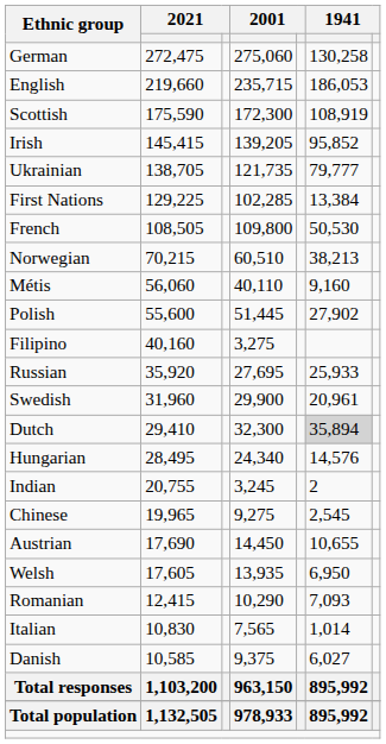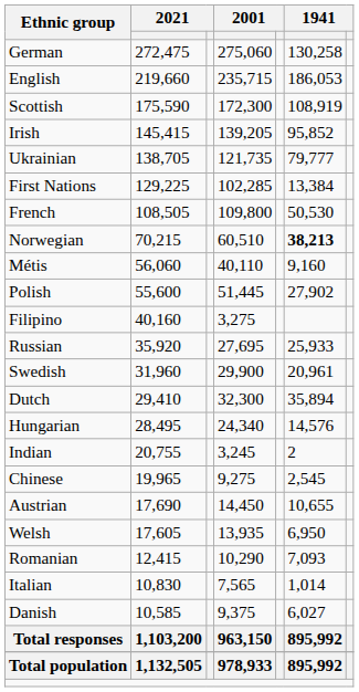 <table class="wikitable sortable">
 <tr>
 <th rowspan="2">Ethnic group</th>
 <th colspan="2">2021</th>
 <th colspan="2">2001</th>
 <th colspan="2">1941</th>
 </tr>
 <tr>
 <th><a href='#'></a></th>
 <th></th>
 <th></th>
 <th></th>
 <th></th>
 <th></th>
 </tr>
 <tr>
 <td>German</td>
 <td>272,475</td>
 <td></td>
 <td>275,060</td>
 <td></td>
 <td>130,258</td>
 <td></td>
 </tr>
 <tr>
 <td>English</td>
 <td>219,660</td>
 <td></td>
 <td>235,715</td>
 <td></td>
 <td>186,053</td>
 <td></td>
 </tr>
 <tr>
 <td>Scottish</td>
 <td>175,590</td>
 <td></td>
 <td>172,300</td>
 <td></td>
 <td>108,919</td>
 <td></td>
 </tr>
 <tr>
 <td>Irish</td>
 <td>145,415</td>
 <td></td>
 <td>139,205</td>
 <td></td>
 <td>95,852</td>
 <td></td>
 </tr>
 <tr>
 <td>Ukrainian</td>
 <td>138,705</td>
 <td></td>
 <td>121,735</td>
 <td></td>
 <td>79,777</td>
 <td></td>
 </tr>
 <tr>
 <td>First Nations</td>
 <td>129,225</td>
 <td></td>
 <td>102,285</td>
 <td></td>
 <td>13,384</td>
 <td></td>
 </tr>
 <tr>
 <td>French</td>
 <td>108,505</td>
 <td></td>
 <td>109,800</td>
 <td></td>
 <td>50,530</td>
 <td></td>
 </tr>
 <tr>
 <td>Norwegian</td>
 <td>70,215</td>
 <td></td>
 <td>60,510</td>
 <td></td>
-<td>38,213</td>
+<td><strong>38,213</strong></td>
 <td></td>
 </tr>
 <tr>
 <td>Métis</td>
 <td>56,060</td>
 <td></td>
 <td>40,110</td>
 <td></td>
 <td>9,160</td>
 <td></td>
 </tr>
 <tr>
 <td>Polish</td>
 <td>55,600</td>
 <td></td>
 <td>51,445</td>
 <td></td>
 <td>27,902</td>
 <td></td>
 </tr>
 <tr>
 <td>Filipino</td>
 <td>40,160</td>
 <td></td>
 <td>3,275</td>
 <td></td>
 <td></td>
 <td></td>
 </tr>
 <tr>
 <td>Russian</td>
 <td>35,920</td>
 <td></td>
 <td>27,695</td>
 <td></td>
 <td>25,933</td>
 <td></td>
 </tr>
 <tr>
 <td>Swedish</td>
 <td>31,960</td>
 <td></td>
 <td>29,900</td>
 <td></td>
 <td>20,961</td>
 <td></td>
 </tr>
 <tr>
 <td>Dutch</td>
 <td>29,410</td>
 <td></td>
 <td>32,300</td>
 <td></td>
-<td style="background: lightgrey;">35,894</td>
+<td>35,894</td>
 <td></td>
 </tr>
 <tr>
 <td>Hungarian</td>
 <td>28,495</td>
 <td></td>
 <td>24,340</td>
 <td></td>
 <td>14,576</td>
 <td></td>
 </tr>
 <tr>
 <td>Indian</td>
 <td>20,755</td>
 <td></td>
 <td>3,245</td>
 <td></td>
 <td>2</td>
 <td></td>
 </tr>
 <tr>
 <td>Chinese</td>
 <td>19,965</td>
 <td></td>
 <td>9,275</td>
 <td></td>
 <td>2,545</td>
 <td></td>
 </tr>
 <tr>
 <td>Austrian</td>
 <td>17,690</td>
 <td></td>
 <td>14,450</td>
 <td></td>
 <td>10,655</td>
 <td></td>
 </tr>
 <tr>
 <td>Welsh</td>
 <td>17,605</td>
 <td></td>
 <td>13,935</td>
 <td></td>
 <td>6,950</td>
 <td></td>
 </tr>
 <tr>
 <td>Romanian</td>
 <td>12,415</td>
 <td></td>
 <td>10,290</td>
 <td></td>
 <td>7,093</td>
 <td></td>
 </tr>
 <tr>
 <td>Italian</td>
 <td>10,830</td>
 <td></td>
 <td>7,565</td>
 <td></td>
 <td>1,014</td>
 <td></td>
 </tr>
 <tr>
 <td>Danish</td>
 <td>10,585</td>
 <td></td>
 <td>9,375</td>
 <td></td>
 <td>6,027</td>
 <td></td>
 </tr>
 <tr>
 <th>Total responses</th>
 <th>1,103,200</th>
 <th></th>
 <th>963,150</th>
 <th></th>
 <th>895,992</th>
 <th></th>
 </tr>
 <tr>
 </tr>
 <tr class="sortbottom">
 <th>Total population</th>
 <th>1,132,505</th>
 <th></th>
 <th>978,933</th>
 <th></th>
 <th>895,992</th>
 <th></th>
 </tr>
 <tr class="sortbottom ">
 <td colspan="7"></td>
 </tr>
 </table>
